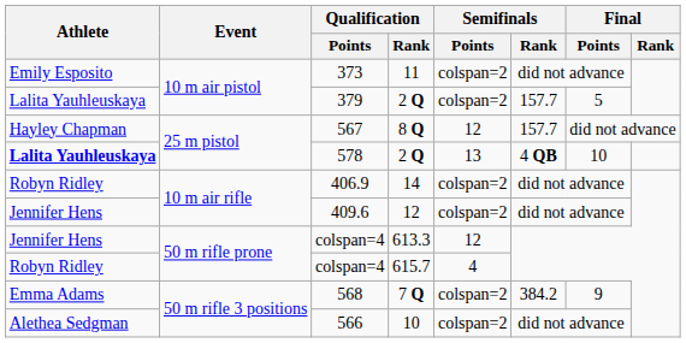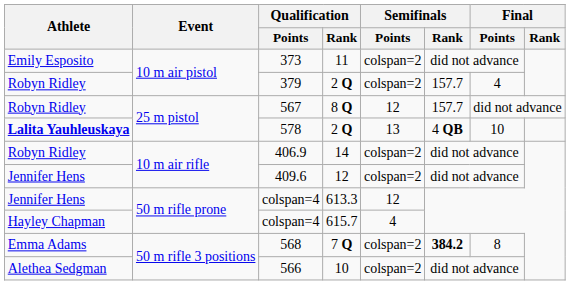 <table class="wikitable" style="font-size:90%;">
 <tr>
 <th rowspan=2>Athlete</th>
 <th rowspan=2>Event</th>
 <th colspan=2>Qualification</th>
 <th colspan=2>Semifinals</th>
 <th colspan=2>Final</th>
 </tr>
 <tr style="font-size:95%">
 <th>Points</th>
 <th>Rank</th>
 <th>Points</th>
 <th>Rank</th>
 <th>Points</th>
 <th>Rank</th>
 </tr>
 <tr align=center>
 <td align=left><a href='#'>Emily Esposito</a></td>
 <td align=left rowspan=2><a href='#'>10 m air pistol</a></td>
 <td>373</td>
 <td>11</td>
 <td>colspan=2 </td>
 <td colspan=2>did not advance</td>
 </tr>
 <tr align=center>
-<td align=left><a href='#'>Lalita Yauhleuskaya</a></td>
+<td align=left><a href='#'>Robyn Ridley</a></td>
 <td>379</td>
 <td>2 <strong>Q</strong></td>
 <td>colspan=2 </td>
 <td>157.7</td>
-<td>5</td>
+<td>4</td>
 </tr>
 <tr align=center>
-<td align=left><a href='#'>Hayley Chapman</a></td>
+<td align=left><a href='#'>Robyn Ridley</a></td>
 <td align=left rowspan=2><a href='#'>25 m pistol</a></td>
 <td>567</td>
 <td>8 <strong>Q</strong></td>
 <td>12</td>
 <td>157.7</td>
 <td colspan=2>did not advance</td>
 </tr>
 <tr align=center>
 <td align=left><strong><a href='#'>Lalita Yauhleuskaya</a></strong></td>
 <td>578</td>
 <td>2 <strong>Q</strong></td>
 <td>13</td>
 <td>4 <strong>QB</strong></td>
 <td>10</td>
 <td></td>
 </tr>
 <tr align=center>
 <td align=left><a href='#'>Robyn Ridley</a></td>
 <td align=left rowspan=2><a href='#'>10 m air rifle</a></td>
 <td>406.9</td>
 <td>14</td>
 <td>colspan=2 </td>
 <td colspan=2>did not advance</td>
 </tr>
 <tr align=center>
 <td align=left><a href='#'>Jennifer Hens</a></td>
 <td>409.6</td>
 <td>12</td>
 <td>colspan=2 </td>
 <td colspan=2>did not advance</td>
 </tr>
 <tr align=center>
 <td align=left><a href='#'>Jennifer Hens</a></td>
 <td align=left rowspan=2><a href='#'>50 m rifle prone</a></td>
 <td>colspan=4 </td>
 <td>613.3</td>
 <td>12</td>
 </tr>
 <tr align=center>
-<td align=left><a href='#'>Robyn Ridley</a></td>
+<td align=left><a href='#'>Hayley Chapman</a></td>
 <td>colspan=4 </td>
 <td>615.7</td>
 <td>4</td>
 </tr>
 <tr align=center>
 <td align=left><a href='#'>Emma Adams</a></td>
 <td align=left rowspan=2><a href='#'>50 m rifle 3 positions</a></td>
 <td>568</td>
 <td>7 <strong>Q</strong></td>
 <td>colspan=2 </td>
-<td>384.2</td>
-<td>9</td>
+<td><strong>384.2</strong></td>
+<td>8</td>
 </tr>
 <tr align=center>
 <td align=left><a href='#'>Alethea Sedgman</a></td>
 <td>566</td>
 <td>10</td>
 <td>colspan=2 </td>
 <td colspan=2>did not advance</td>
 </tr>
 </table>
